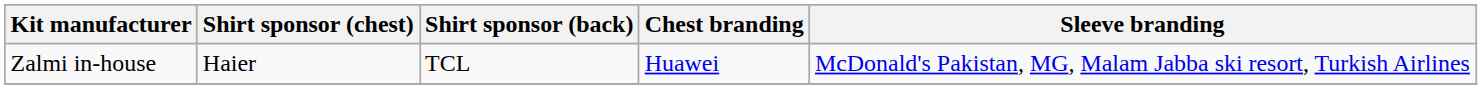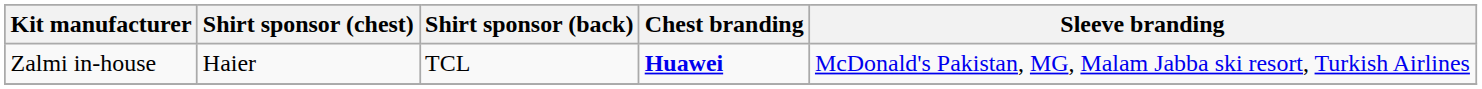 <table class="wikitable"  style="font-size:85%;">
 <tr>
 <th>Kit manufacturer</th>
 <th>Shirt sponsor (chest)</th>
 <th>Shirt sponsor (back)</th>
 <th>Chest branding</th>
 <th>Sleeve branding</th>
 </tr>
 <tr>
 <td>Zalmi in-house</td>
 <td>Haier</td>
 <td>TCL</td>
-<td><a href='#'>Huawei</a></td>
+<td><strong><a href='#'>Huawei</a></strong></td>
 <td><a href='#'>McDonald's Pakistan</a>, <a href='#'>MG</a>, <a href='#'>Malam Jabba ski resort</a>, <a href='#'>Turkish Airlines</a></td>
 </tr>
 <tr>
 </tr>
 </table>
